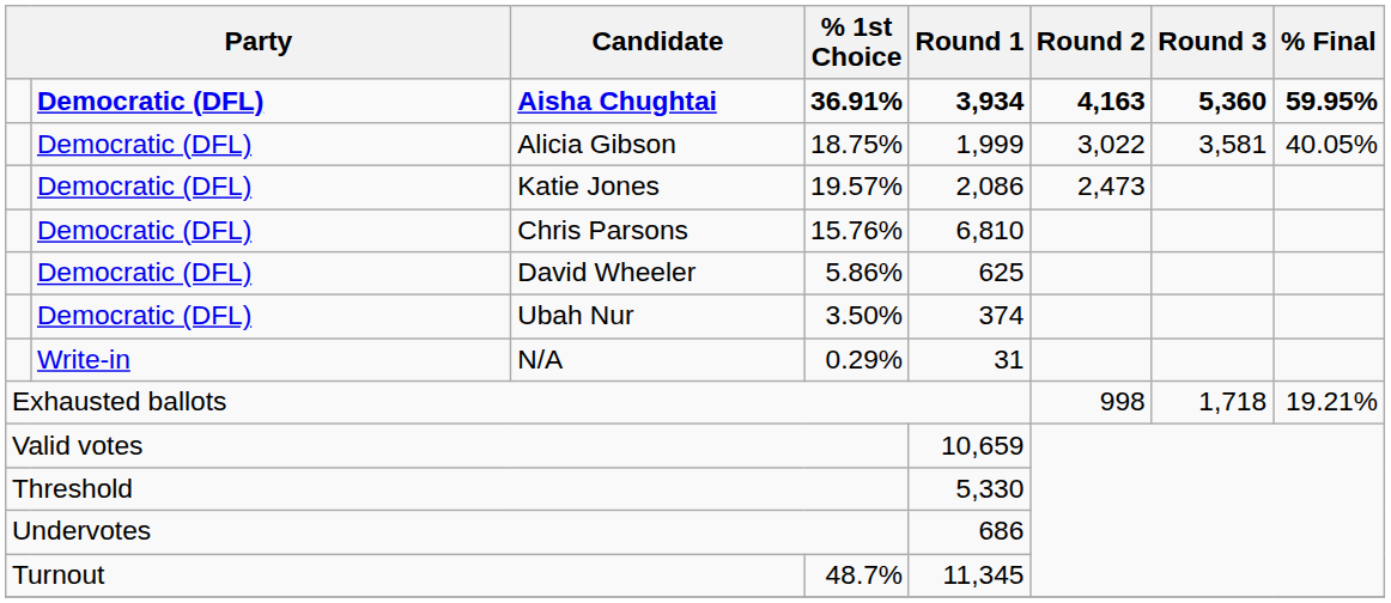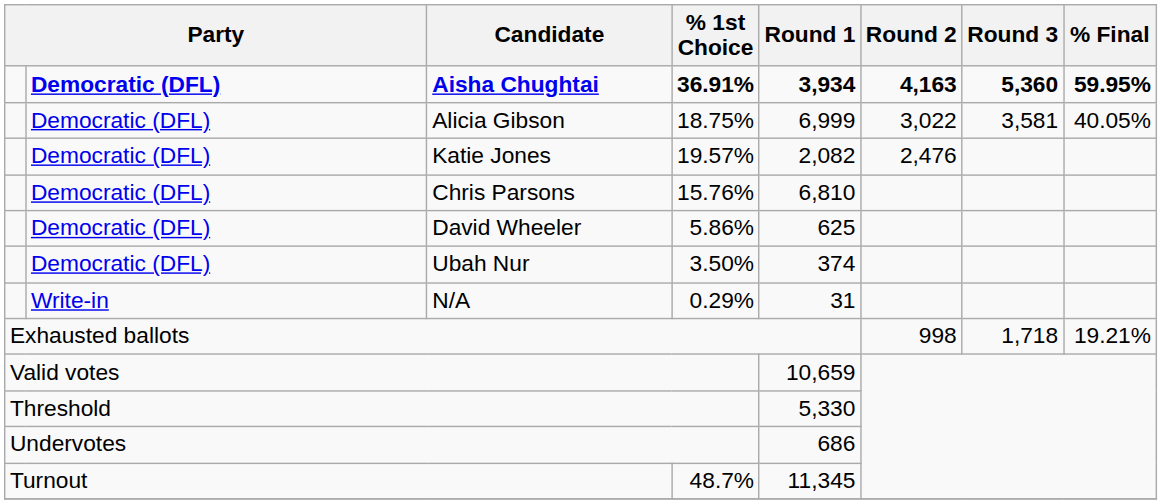 <table class="wikitable">
 <tr>
 <th colspan="2" style="width:290px">Party</th>
 <th style="width:165px">Candidate</th>
 <th>% 1st<br>Choice</th>
 <th>Round 1</th>
 <th>Round 2</th>
 <th>Round 3</th>
 <th style="width:58px;">% Final</th>
 </tr>
 <tr>
 <td style="background-color:"></td>
 <td><strong><a href='#'>Democratic (DFL)</a></strong></td>
 <td><strong><a href='#'>Aisha Chughtai</a></strong></td>
 <td align="right"><strong>36.91%</strong></td>
 <td align="right"><strong>3,934</strong></td>
 <td align="right"><strong>4,163</strong></td>
 <td align="right"><strong>5,360</strong></td>
 <td align="right"><strong>59.95%</strong></td>
 </tr>
 <tr>
 <td style="background-color:"></td>
 <td><a href='#'>Democratic (DFL)</a></td>
 <td>Alicia Gibson</td>
 <td align="right">18.75%</td>
-<td align="right">1,999</td>
+<td align="right">6,999</td>
 <td align="right">3,022</td>
 <td align="right">3,581</td>
 <td align="right">40.05%</td>
 </tr>
 <tr>
 <td style="background-color:"></td>
 <td><a href='#'>Democratic (DFL)</a></td>
 <td>Katie Jones</td>
 <td align="right">19.57%</td>
-<td align="right">2,086</td>
-<td align="right">2,473</td>
+<td align="right">2,082</td>
+<td align="right">2,476</td>
 <td></td>
 <td></td>
 </tr>
 <tr>
 <td style="background-color:"></td>
 <td><a href='#'>Democratic (DFL)</a></td>
 <td>Chris Parsons</td>
 <td align="right">15.76%</td>
 <td align="right">6,810</td>
 <td></td>
 <td></td>
 <td></td>
 </tr>
 <tr>
 <td style="background-color:"></td>
 <td><a href='#'>Democratic (DFL)</a></td>
 <td>David Wheeler</td>
 <td align="right">5.86%</td>
 <td align="right">625</td>
 <td></td>
 <td></td>
 <td></td>
 </tr>
 <tr>
 <td style="background-color:"></td>
 <td><a href='#'>Democratic (DFL)</a></td>
 <td>Ubah Nur</td>
 <td align="right">3.50%</td>
 <td align="right">374</td>
 <td></td>
 <td></td>
 <td></td>
 </tr>
 <tr>
 <td style="background-color:"></td>
 <td><a href='#'>Write-in</a></td>
 <td>N/A</td>
 <td align="right">0.29%</td>
 <td align="right">31</td>
 <td></td>
 <td></td>
 <td></td>
 </tr>
 <tr>
 <td colspan="5">Exhausted ballots</td>
 <td align="right">998</td>
 <td align="right">1,718</td>
 <td align="right">19.21%</td>
 </tr>
 <tr>
 <td colspan="4">Valid votes</td>
 <td align="right">10,659</td>
 <td colspan="3" rowspan="4"></td>
 </tr>
 <tr>
 <td colspan="4">Threshold</td>
 <td align="right">5,330</td>
 </tr>
 <tr>
 <td colspan="4">Undervotes</td>
 <td align="right">686</td>
 </tr>
 <tr>
 <td colspan="3">Turnout</td>
 <td align="right">48.7%</td>
 <td align="right">11,345</td>
 </tr>
 <tr>
 </tr>
 </table>
